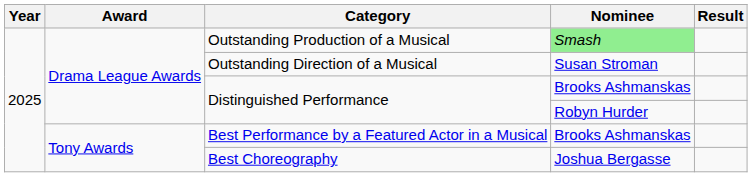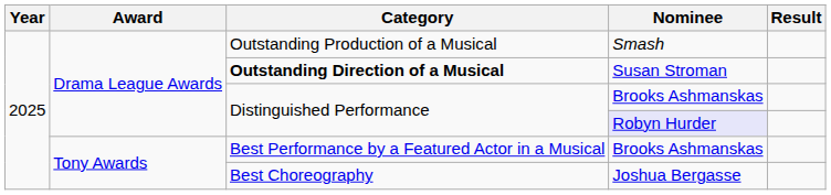 <table class="wikitable" style="white-space:nowrap;">
 <tr>
 <th>Year</th>
 <th>Award</th>
 <th>Category</th>
 <th>Nominee</th>
 <th>Result</th>
 </tr>
 <tr>
 <td rowspan="6">2025</td>
 <td rowspan="4"><a href='#'>Drama League Awards</a></td>
 <td>Outstanding Production of a Musical</td>
-<td style="background: lightgreen;"><em>Smash</em></td>
+<td><em>Smash</em></td>
 <td></td>
 </tr>
 <tr>
-<td>Outstanding Direction of a Musical</td>
+<td><strong>Outstanding Direction of a Musical</strong></td>
 <td><a href='#'>Susan Stroman</a></td>
 <td></td>
 </tr>
 <tr>
 <td rowspan="2">Distinguished Performance</td>
 <td><a href='#'>Brooks Ashmanskas</a></td>
 <td></td>
 </tr>
 <tr>
-<td><a href='#'>Robyn Hurder</a></td>
+<td style="background: lavender;"><a href='#'>Robyn Hurder</a></td>
 <td></td>
 </tr>
 <tr>
 <td rowspan="2"><a href='#'>Tony Awards</a></td>
 <td><a href='#'>Best Performance by a Featured Actor in a Musical</a></td>
 <td><a href='#'>Brooks Ashmanskas</a></td>
 <td></td>
 </tr>
 <tr>
 <td><a href='#'>Best Choreography</a></td>
 <td><a href='#'>Joshua Bergasse</a></td>
 <td></td>
 </tr>
 </table>
